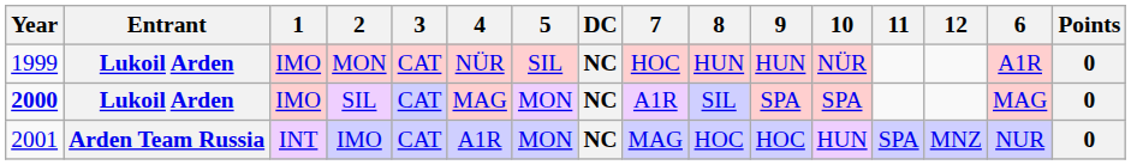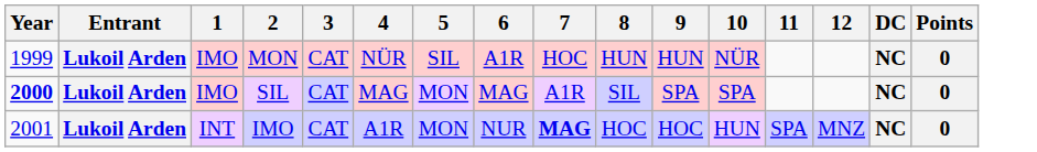 <table class="wikitable" style="text-align:center; font-size:90%">
 <tr>
 <th>Year</th>
 <th>Entrant</th>
 <th>1</th>
 <th>2</th>
 <th>3</th>
 <th>4</th>
 <th>5</th>
-<th>DC</th>
+<th>6</th>
 <th>7</th>
 <th>8</th>
 <th>9</th>
 <th>10</th>
 <th>11</th>
 <th>12</th>
-<th>6</th>
+<th>DC</th>
 <th>Points</th>
 </tr>
 <tr>
 <td><a href='#'>1999</a></td>
 <th><a href='#'>Lukoil</a> <a href='#'>Arden</a></th>
 <td style="background:#FFCFCF;"><a href='#'>IMO</a><br></td>
 <td style="background:#FFCFCF;"><a href='#'>MON</a><br></td>
 <td style="background:#FFCFCF;"><a href='#'>CAT</a><br></td>
 <td style="background:#FFCFCF;"><a href='#'>NÜR</a><br></td>
 <td style="background:#FFCFCF;"><a href='#'>SIL</a><br></td>
-<th>NC</th>
+<td style="background:#FFCFCF;"><a href='#'>A1R</a><br></td>
 <td style="background:#FFCFCF;"><a href='#'>HOC</a><br></td>
 <td style="background:#FFCFCF;"><a href='#'>HUN</a><br></td>
 <td style="background:#FFCFCF;"><a href='#'>HUN</a><br></td>
 <td style="background:#FFCFCF;"><a href='#'>NÜR</a><br></td>
 <td></td>
 <td></td>
-<td style="background:#FFCFCF;"><a href='#'>A1R</a><br></td>
+<th>NC</th>
 <th>0</th>
 </tr>
 <tr>
 <td><strong><a href='#'>2000</a></strong></td>
 <th><a href='#'>Lukoil</a> <a href='#'>Arden</a></th>
 <td style="background:#FFCFCF;"><a href='#'>IMO</a><br></td>
 <td style="background:#EFCFFF;"><a href='#'>SIL</a><br></td>
 <td style="background:#CFCFFF;"><a href='#'>CAT</a><br></td>
 <td style="background:#FFCFCF;"><a href='#'>MAG</a><br></td>
 <td style="background:#EFCFFF;"><a href='#'>MON</a><br></td>
-<th>NC</th>
+<td style="background:#FFCFCF;"><a href='#'>MAG</a><br></td>
 <td style="background:#EFCFFF;"><a href='#'>A1R</a><br></td>
 <td style="background:#CFCFFF;"><a href='#'>SIL</a><br></td>
 <td style="background:#FFCFCF;"><a href='#'>SPA</a><br></td>
 <td style="background:#FFCFCF;"><a href='#'>SPA</a><br></td>
 <td></td>
 <td></td>
-<td style="background:#FFCFCF;"><a href='#'>MAG</a><br></td>
+<th>NC</th>
 <th>0</th>
 </tr>
 <tr>
 <td><a href='#'>2001</a></td>
-<th><a href='#'>Arden Team Russia</a></th>
+<th><a href='#'>Lukoil</a> <a href='#'>Arden</a></th>
 <td style="background:#EFCFFF;"><a href='#'>INT</a><br></td>
 <td style="background:#CFCFFF;"><a href='#'>IMO</a><br></td>
 <td style="background:#CFCFFF;"><a href='#'>CAT</a><br></td>
 <td style="background:#CFCFFF;"><a href='#'>A1R</a><br></td>
 <td style="background:#CFCFFF;"><a href='#'>MON</a><br></td>
-<th>NC</th>
-<td style="background:#CFCFFF;"><a href='#'>MAG</a><br></td>
+<td style="background:#CFCFFF;"><a href='#'>NUR</a><br></td>
+<td style="background:#CFCFFF;"><strong><a href='#'>MAG</a><br></strong></td>
 <td style="background:#CFCFFF;"><a href='#'>HOC</a><br></td>
 <td style="background:#CFCFFF;"><a href='#'>HOC</a><br></td>
 <td style="background:#EFCFFF;"><a href='#'>HUN</a><br></td>
 <td style="background:#CFCFFF;"><a href='#'>SPA</a><br></td>
 <td style="background:#CFCFFF;"><a href='#'>MNZ</a><br></td>
-<td style="background:#CFCFFF;"><a href='#'>NUR</a><br></td>
+<th>NC</th>
 <th>0</th>
 </tr>
 </table>
